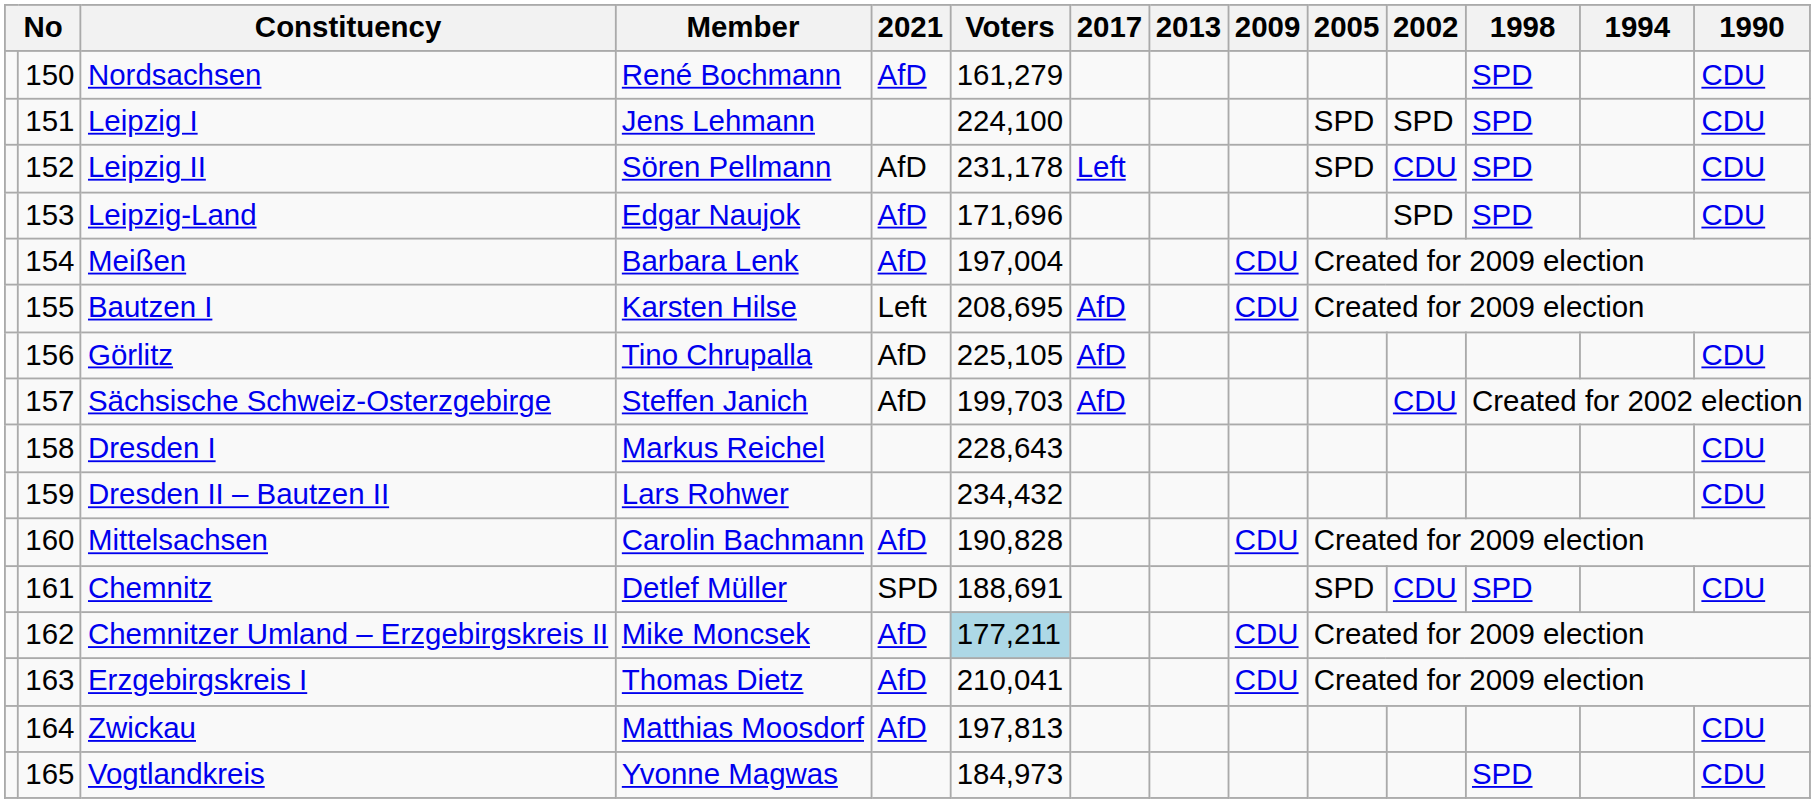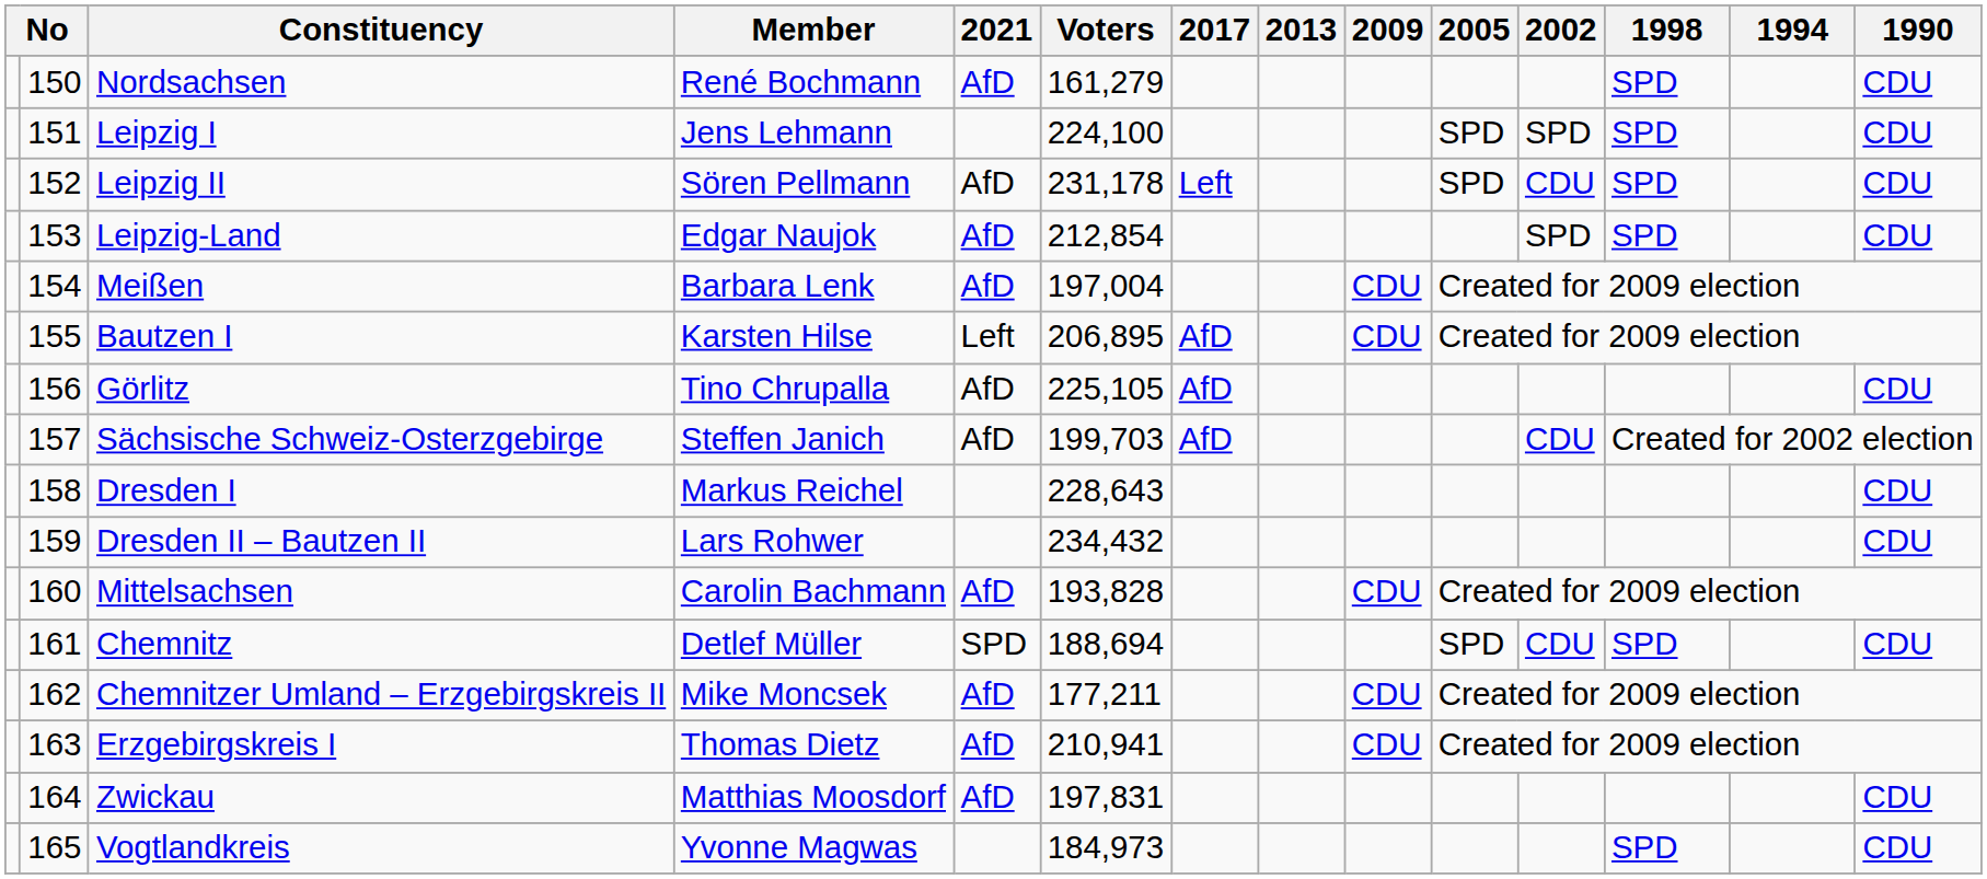 <table class="wikitable sortable">
 <tr>
 <th colspan=2>No</th>
 <th>Constituency</th>
 <th>Member</th>
 <th>2021</th>
 <th>Voters</th>
 <th>2017</th>
 <th>2013</th>
 <th>2009</th>
 <th>2005</th>
 <th>2002</th>
 <th>1998</th>
 <th>1994</th>
 <th>1990</th>
 </tr>
 <tr>
 <td style="background-color: "></td>
 <td>150</td>
 <td><a href='#'>Nordsachsen</a></td>
 <td><a href='#'>René Bochmann</a></td>
 <td><a href='#'>AfD</a></td>
 <td>161,279</td>
 <td></td>
 <td></td>
 <td></td>
 <td></td>
 <td></td>
 <td><a href='#'>SPD</a></td>
 <td></td>
 <td><a href='#'>CDU</a></td>
 </tr>
 <tr>
 <td style="background-color: "></td>
 <td>151</td>
 <td><a href='#'>Leipzig I</a></td>
 <td><a href='#'>Jens Lehmann</a></td>
 <td></td>
 <td>224,100</td>
 <td></td>
 <td></td>
 <td></td>
 <td bgcolor=>SPD</td>
 <td bgcolor=>SPD</td>
 <td><a href='#'>SPD</a></td>
 <td></td>
 <td><a href='#'>CDU</a></td>
 </tr>
 <tr>
 <td style="background-color: "></td>
 <td>152</td>
 <td><a href='#'>Leipzig II</a></td>
 <td><a href='#'>Sören Pellmann</a></td>
 <td>AfD</td>
 <td>231,178</td>
 <td><a href='#'>Left</a></td>
 <td></td>
 <td></td>
 <td bgcolor=>SPD</td>
 <td><a href='#'>CDU</a></td>
 <td><a href='#'>SPD</a></td>
 <td></td>
 <td><a href='#'>CDU</a></td>
 </tr>
 <tr>
 <td style="background-color: "></td>
 <td>153</td>
 <td><a href='#'>Leipzig-Land</a></td>
 <td><a href='#'>Edgar Naujok</a></td>
 <td><a href='#'>AfD</a></td>
-<td>171,696</td>
+<td>212,854</td>
 <td></td>
 <td></td>
 <td></td>
 <td></td>
 <td bgcolor=>SPD</td>
 <td><a href='#'>SPD</a></td>
 <td></td>
 <td><a href='#'>CDU</a></td>
 </tr>
 <tr>
 <td style="background-color: "></td>
 <td>154</td>
 <td><a href='#'>Meißen</a></td>
 <td><a href='#'>Barbara Lenk</a></td>
 <td><a href='#'>AfD</a></td>
 <td>197,004</td>
 <td></td>
 <td></td>
 <td><a href='#'>CDU</a></td>
 <td colspan=5>Created for 2009 election</td>
 </tr>
 <tr>
 <td style="background-color: "></td>
 <td>155</td>
 <td><a href='#'>Bautzen I</a></td>
 <td><a href='#'>Karsten Hilse</a></td>
 <td>Left</td>
-<td>208,695</td>
+<td>206,895</td>
 <td><a href='#'>AfD</a></td>
 <td></td>
 <td><a href='#'>CDU</a></td>
 <td colspan=5>Created for 2009 election</td>
 </tr>
 <tr>
 <td style="background-color: "></td>
 <td>156</td>
 <td><a href='#'>Görlitz</a></td>
 <td><a href='#'>Tino Chrupalla</a></td>
 <td>AfD</td>
 <td>225,105</td>
 <td><a href='#'>AfD</a></td>
 <td></td>
 <td></td>
 <td></td>
 <td></td>
 <td></td>
 <td></td>
 <td><a href='#'>CDU</a></td>
 </tr>
 <tr>
 <td style="background-color: "></td>
 <td>157</td>
 <td><a href='#'>Sächsische Schweiz-Osterzgebirge</a></td>
 <td><a href='#'>Steffen Janich</a></td>
 <td>AfD</td>
 <td>199,703</td>
 <td><a href='#'>AfD</a></td>
 <td></td>
 <td></td>
 <td></td>
 <td><a href='#'>CDU</a></td>
 <td colspan=3>Created for 2002 election</td>
 </tr>
 <tr>
 <td style="background-color: "></td>
 <td>158</td>
 <td><a href='#'>Dresden I</a></td>
 <td><a href='#'>Markus Reichel</a></td>
 <td></td>
 <td>228,643</td>
 <td></td>
 <td></td>
 <td></td>
 <td></td>
 <td></td>
 <td></td>
 <td></td>
 <td><a href='#'>CDU</a></td>
 </tr>
 <tr>
 <td style="background-color: "></td>
 <td>159</td>
 <td><a href='#'>Dresden II – Bautzen II</a></td>
 <td><a href='#'>Lars Rohwer</a></td>
 <td></td>
 <td>234,432</td>
 <td></td>
 <td></td>
 <td></td>
 <td></td>
 <td></td>
 <td></td>
 <td></td>
 <td><a href='#'>CDU</a></td>
 </tr>
 <tr>
 <td style="background-color: "></td>
 <td>160</td>
 <td><a href='#'>Mittelsachsen</a></td>
 <td><a href='#'>Carolin Bachmann</a></td>
 <td><a href='#'>AfD</a></td>
-<td>190,828</td>
+<td>193,828</td>
 <td></td>
 <td></td>
 <td><a href='#'>CDU</a></td>
 <td colspan=5>Created for 2009 election</td>
 </tr>
 <tr>
 <td style="background-color: "></td>
 <td>161</td>
 <td><a href='#'>Chemnitz</a></td>
 <td><a href='#'>Detlef Müller</a></td>
 <td bgcolor=>SPD</td>
-<td>188,691</td>
+<td>188,694</td>
 <td></td>
 <td></td>
 <td></td>
 <td bgcolor=>SPD</td>
 <td><a href='#'>CDU</a></td>
 <td><a href='#'>SPD</a></td>
 <td></td>
 <td><a href='#'>CDU</a></td>
 </tr>
 <tr>
 <td style="background-color: "></td>
 <td>162</td>
 <td><a href='#'>Chemnitzer Umland – Erzgebirgskreis II</a></td>
 <td><a href='#'>Mike Moncsek</a></td>
 <td><a href='#'>AfD</a></td>
-<td style="background: lightblue;">177,211</td>
+<td>177,211</td>
 <td></td>
 <td></td>
 <td><a href='#'>CDU</a></td>
 <td colspan=5>Created for 2009 election</td>
 </tr>
 <tr>
 <td style="background-color: "></td>
 <td>163</td>
 <td><a href='#'>Erzgebirgskreis I</a></td>
 <td><a href='#'>Thomas Dietz</a></td>
 <td><a href='#'>AfD</a></td>
-<td>210,041</td>
+<td>210,941</td>
 <td></td>
 <td></td>
 <td><a href='#'>CDU</a></td>
 <td colspan=5>Created for 2009 election</td>
 </tr>
 <tr>
 <td style="background-color: "></td>
 <td>164</td>
 <td><a href='#'>Zwickau</a></td>
 <td><a href='#'>Matthias Moosdorf</a></td>
 <td><a href='#'>AfD</a></td>
-<td>197,813</td>
+<td>197,831</td>
 <td></td>
 <td></td>
 <td></td>
 <td></td>
 <td></td>
 <td></td>
 <td></td>
 <td><a href='#'>CDU</a></td>
 </tr>
 <tr>
 <td style="background-color: "></td>
 <td>165</td>
 <td><a href='#'>Vogtlandkreis</a></td>
 <td><a href='#'>Yvonne Magwas</a></td>
 <td></td>
 <td>184,973</td>
 <td></td>
 <td></td>
 <td></td>
 <td></td>
 <td></td>
 <td><a href='#'>SPD</a></td>
 <td></td>
 <td><a href='#'>CDU</a></td>
 </tr>
 </table>
